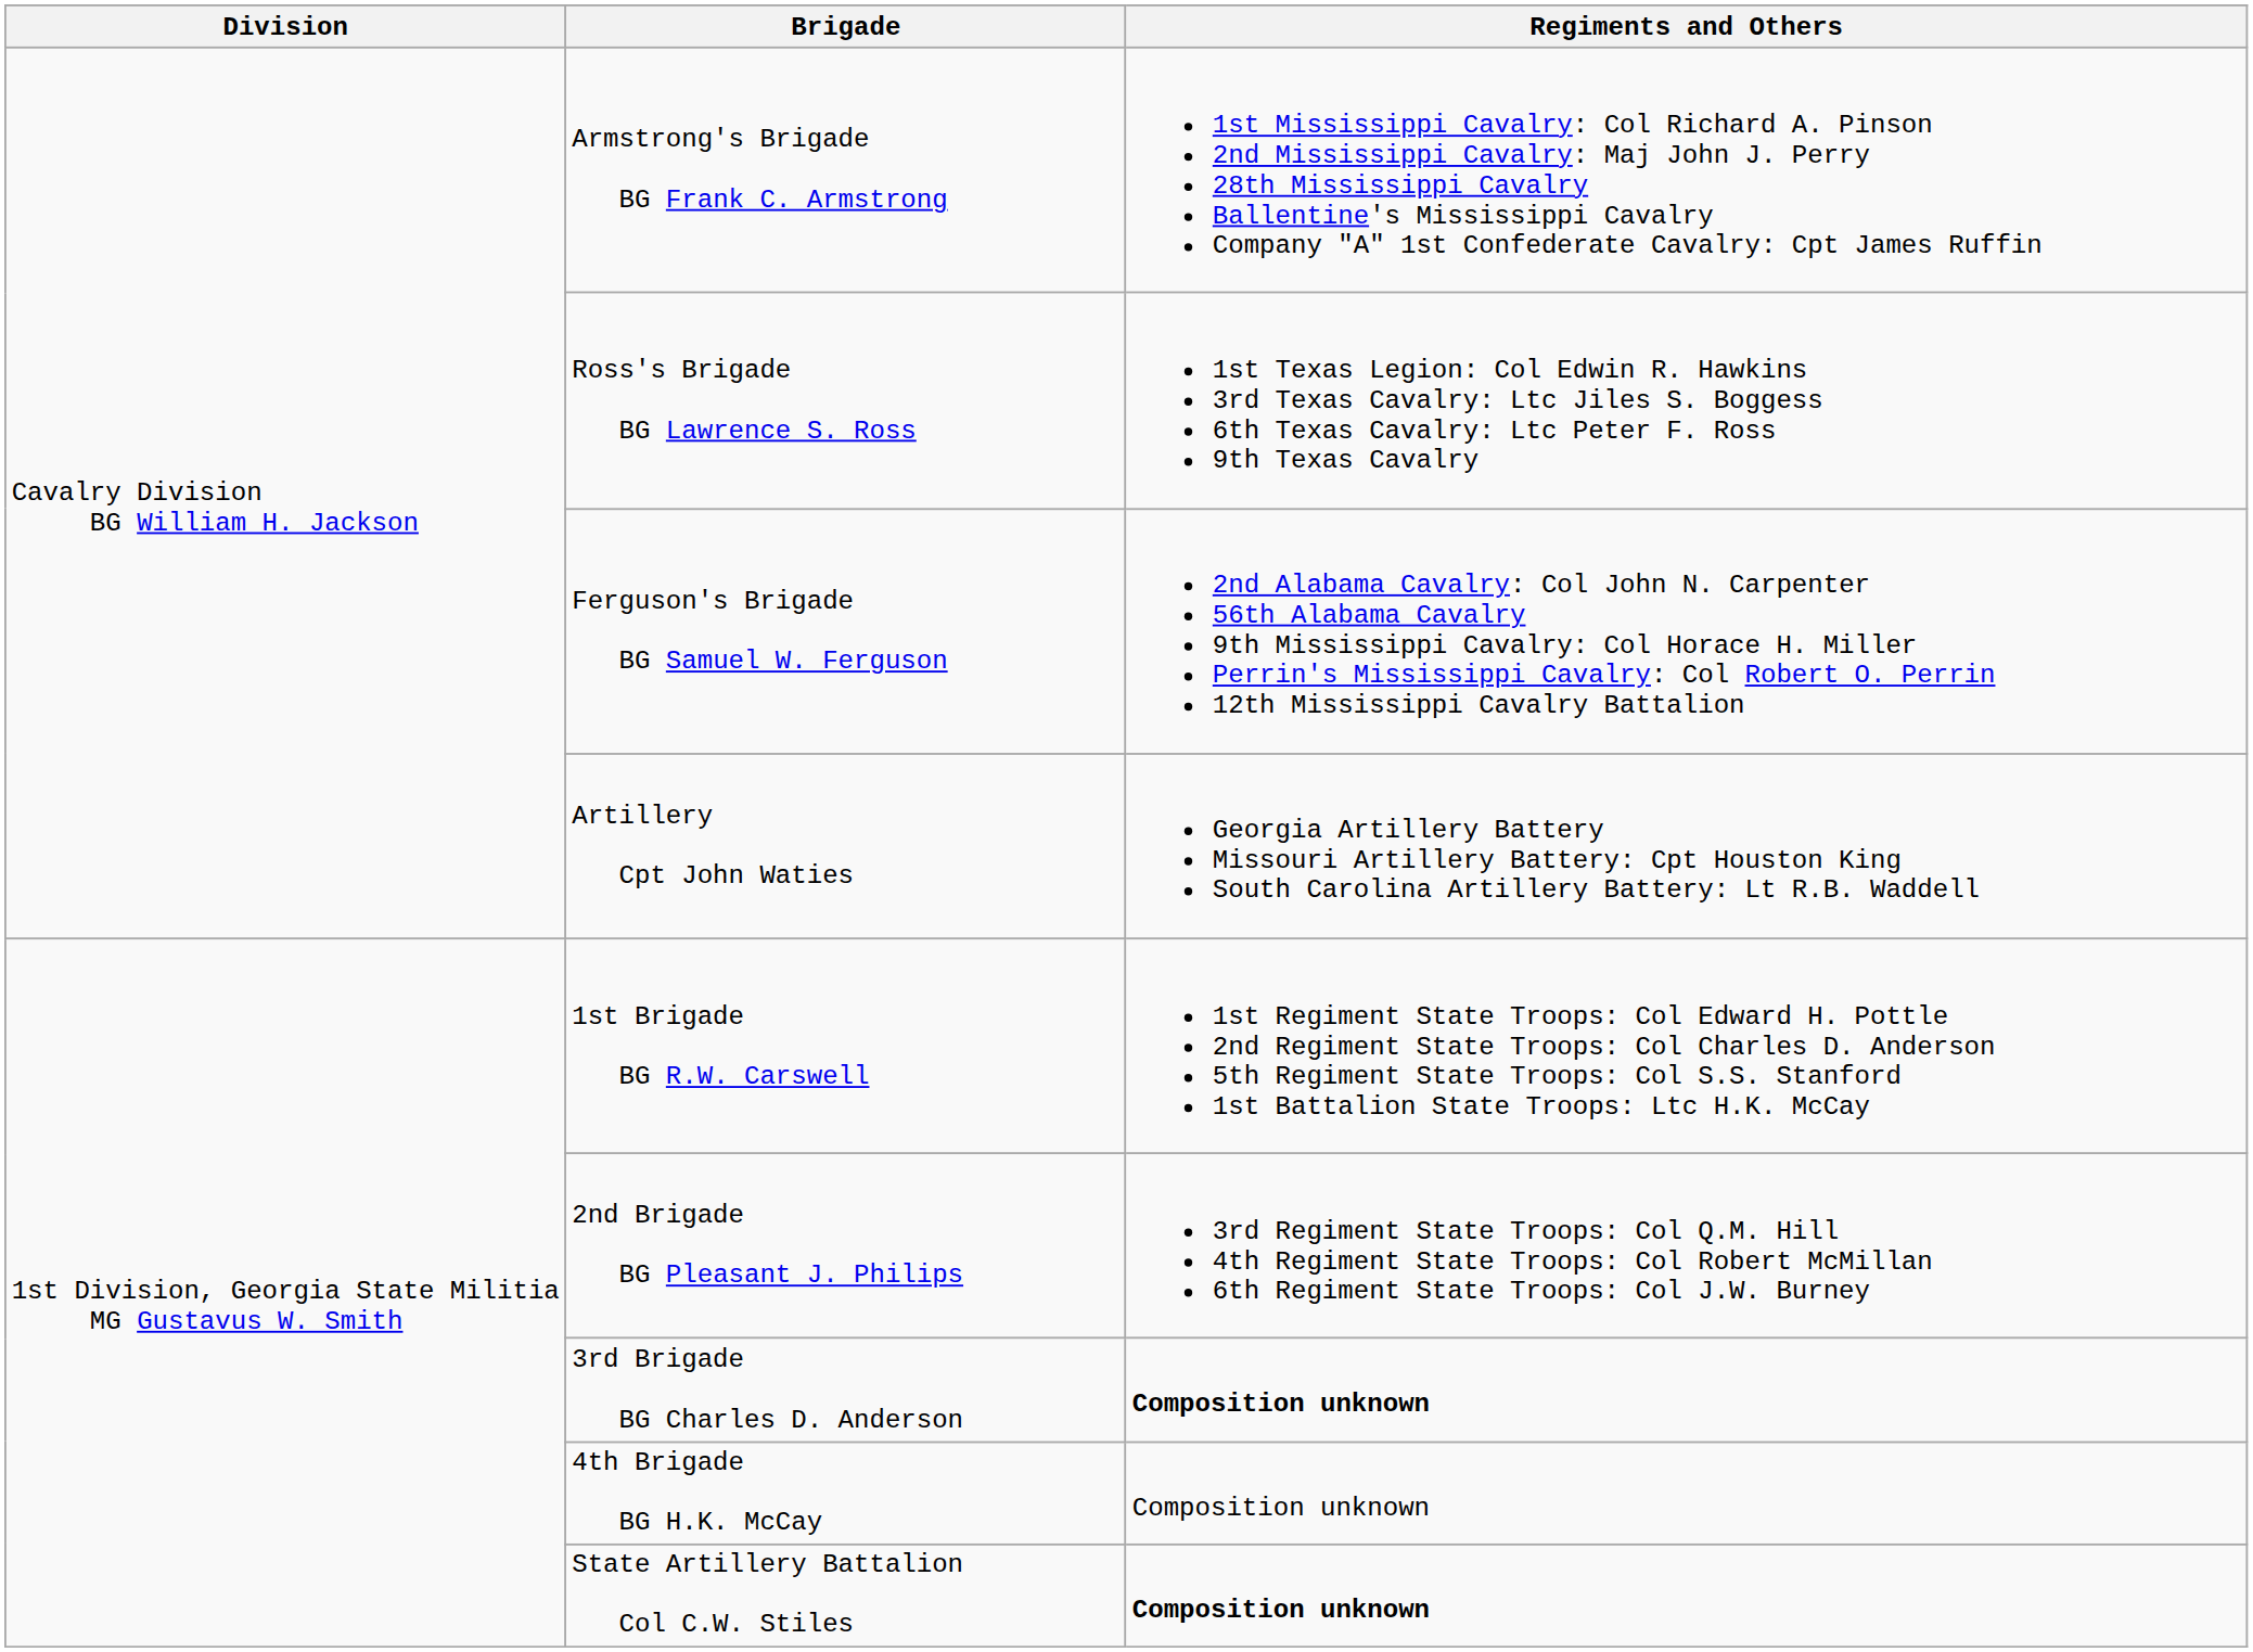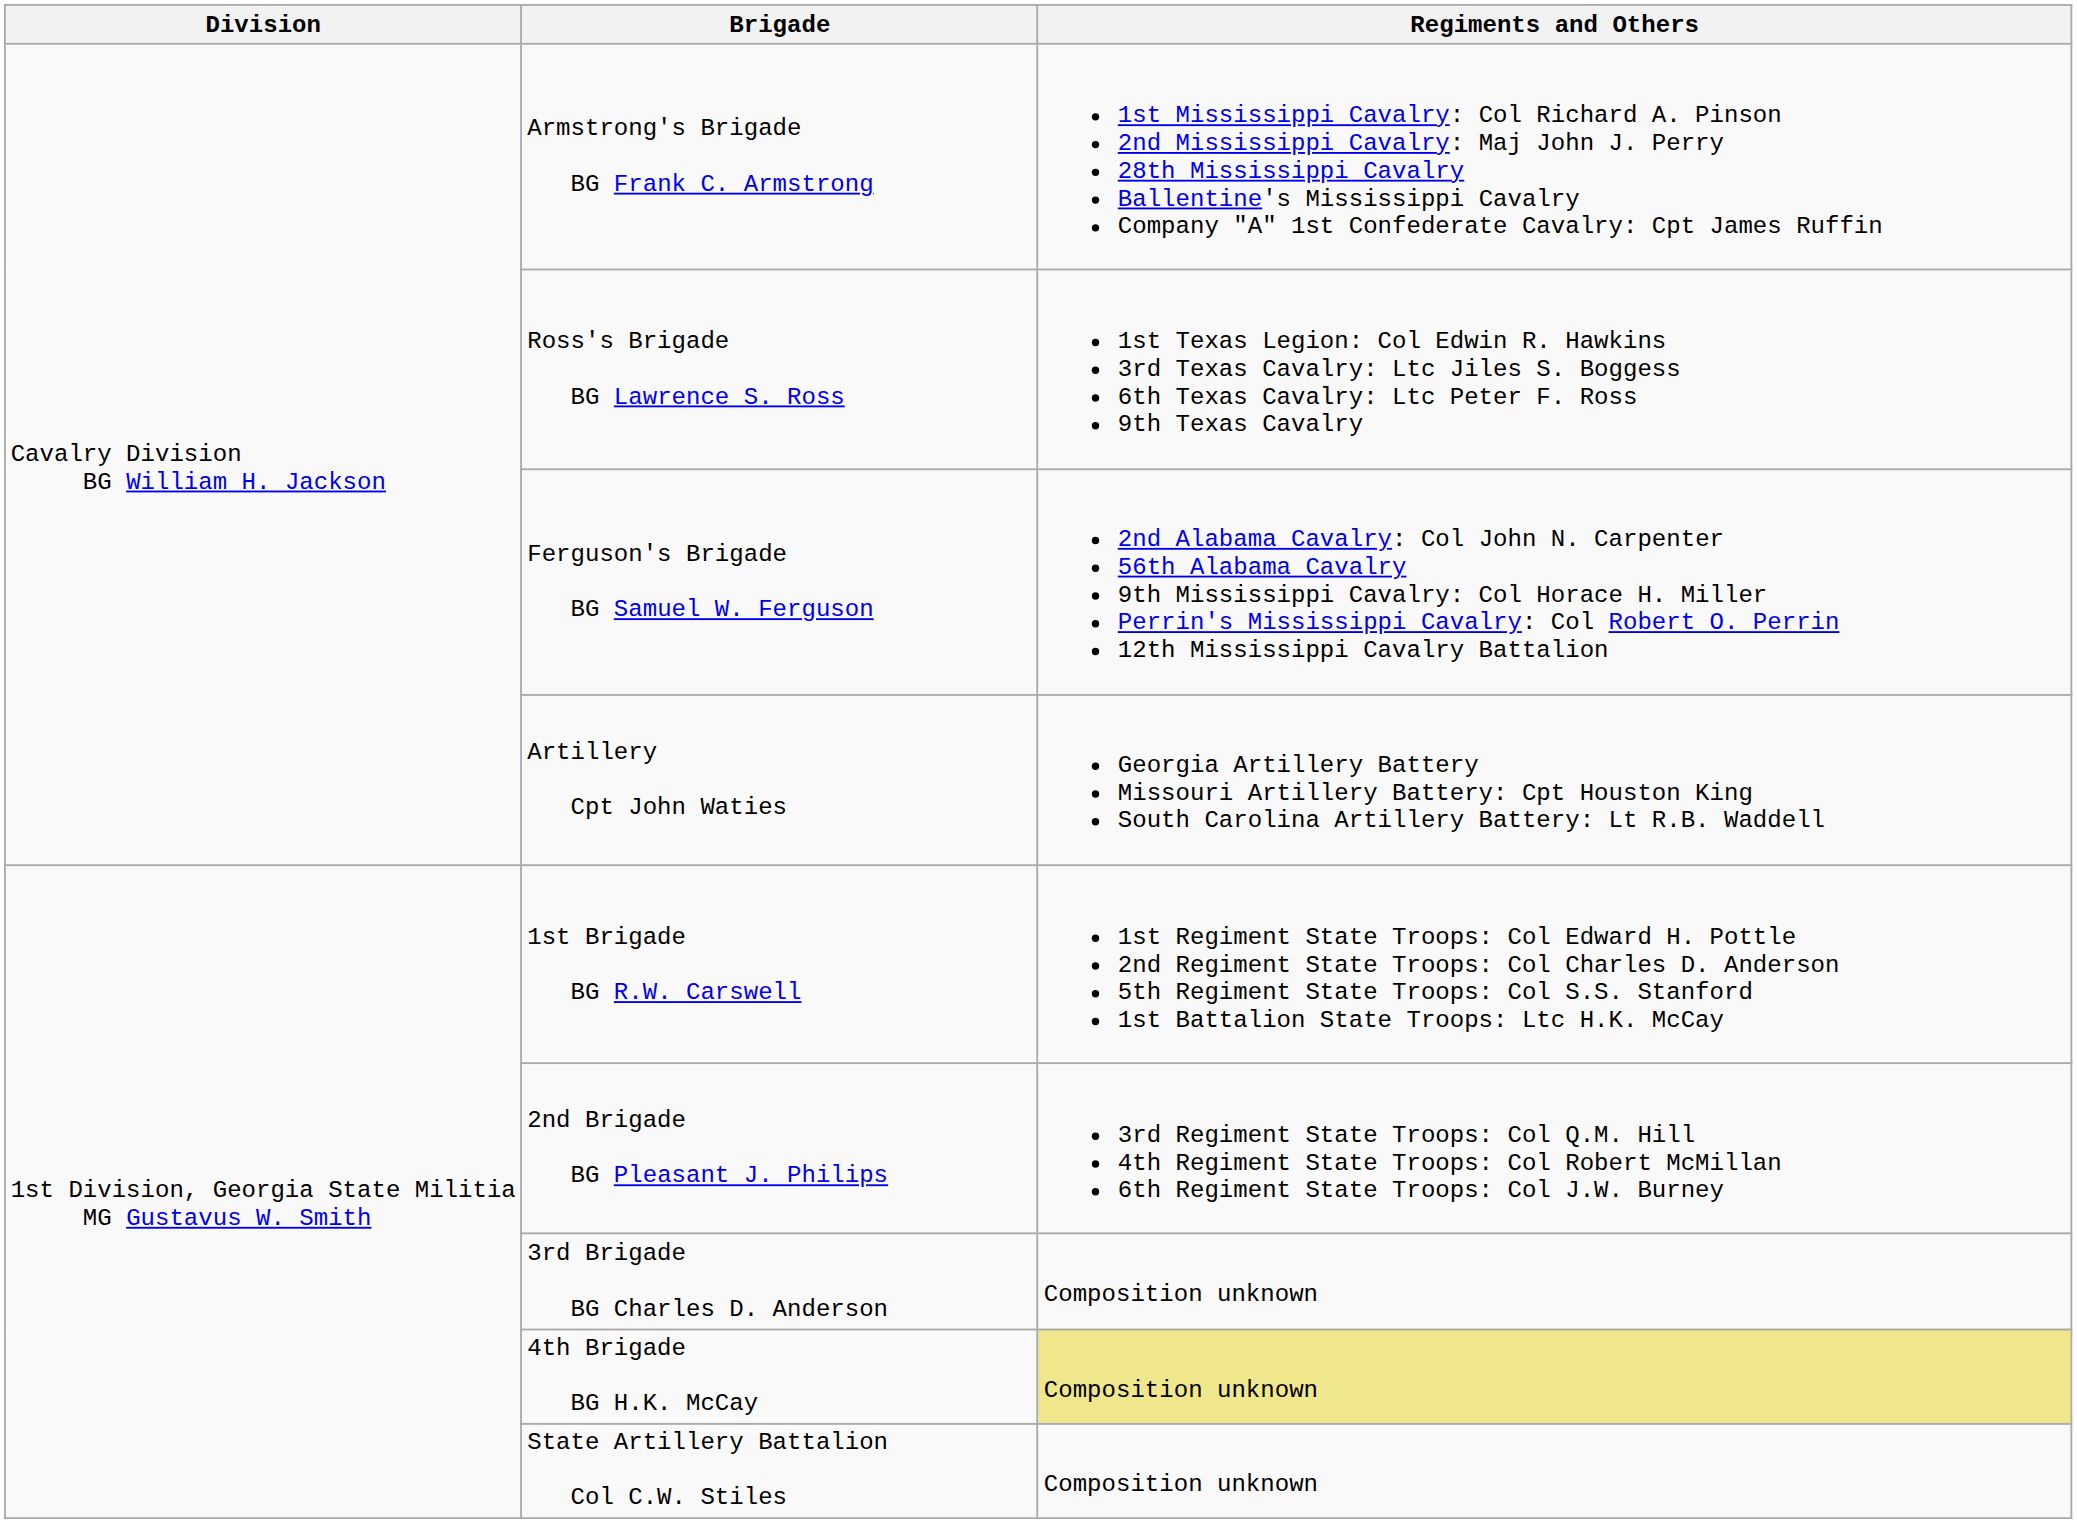 <table class="wikitable">
 <tr>
 <th style="width:25%;">Division</th>
 <th style="width:25%;">Brigade</th>
 <th>Regiments and Others</th>
 </tr>
 <tr>
 <td rowspan=4><br>Cavalry Division <br>     BG <a href='#'>William H. Jackson</a></td>
 <td>Armstrong's Brigade<br><br>   BG <a href='#'>Frank C. Armstrong</a></td>
 <td><br><ul><li><a href='#'>1st Mississippi Cavalry</a>: Col Richard A. Pinson</li><li><a href='#'>2nd Mississippi Cavalry</a>: Maj John J. Perry</li><li><a href='#'>28th Mississippi Cavalry</a></li><li><a href='#'>Ballentine</a>'s Mississippi Cavalry</li><li>Company "A" 1st Confederate Cavalry: Cpt James Ruffin</li></ul></td>
 </tr>
 <tr>
 <td>Ross's Brigade<br><br>   BG <a href='#'>Lawrence S. Ross</a></td>
 <td><br><ul><li>1st Texas Legion: Col Edwin R. Hawkins</li><li>3rd Texas Cavalry: Ltc Jiles S. Boggess</li><li>6th Texas Cavalry: Ltc Peter F. Ross</li><li>9th Texas Cavalry</li></ul></td>
 </tr>
 <tr>
 <td>Ferguson's Brigade<br><br>   BG <a href='#'>Samuel W. Ferguson</a></td>
 <td><br><ul><li><a href='#'>2nd Alabama Cavalry</a>: Col John N. Carpenter</li><li><a href='#'>56th Alabama Cavalry</a></li><li>9th Mississippi Cavalry: Col Horace H. Miller</li><li><a href='#'>Perrin's Mississippi Cavalry</a>: Col <a href='#'>Robert O. Perrin</a></li><li>12th Mississippi Cavalry Battalion</li></ul></td>
 </tr>
 <tr>
 <td>Artillery<br><br>   Cpt John Waties</td>
 <td><br><ul><li>Georgia Artillery Battery</li><li>Missouri Artillery Battery: Cpt Houston King</li><li>South Carolina Artillery Battery: Lt R.B. Waddell</li></ul></td>
 </tr>
 <tr>
 <td rowspan=5><br>1st Division, Georgia State Militia <br>     MG <a href='#'>Gustavus W. Smith</a></td>
 <td>1st Brigade<br><br>   BG <a href='#'>R.W. Carswell</a></td>
 <td><br><ul><li>1st Regiment State Troops: Col Edward H. Pottle</li><li>2nd Regiment State Troops: Col Charles D. Anderson</li><li>5th Regiment State Troops: Col S.S. Stanford</li><li>1st Battalion State Troops: Ltc H.K. McCay</li></ul></td>
 </tr>
 <tr>
 <td>2nd Brigade<br><br>   BG <a href='#'>Pleasant J. Philips</a></td>
 <td><br><ul><li>3rd Regiment State Troops: Col Q.M. Hill</li><li>4th Regiment State Troops: Col Robert McMillan</li><li>6th Regiment State Troops: Col J.W. Burney</li></ul></td>
 </tr>
 <tr>
 <td>3rd Brigade<br><br>   BG Charles D. Anderson</td>
-<td><strong><br>Composition unknown</strong></td>
+<td><br>Composition unknown</td>
 </tr>
 <tr>
 <td>4th Brigade<br><br>   BG H.K. McCay</td>
-<td><br>Composition unknown</td>
+<td style="background: khaki;"><br>Composition unknown</td>
 </tr>
 <tr>
 <td>State Artillery Battalion<br><br>   Col C.W. Stiles</td>
-<td><strong><br>Composition unknown</strong></td>
+<td><br>Composition unknown</td>
 </tr>
 </table>
